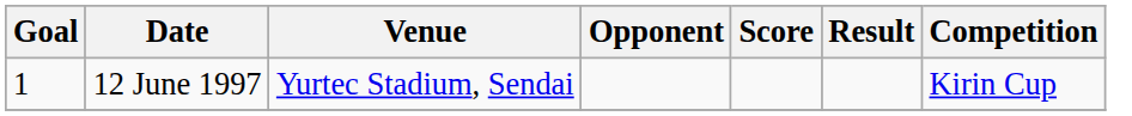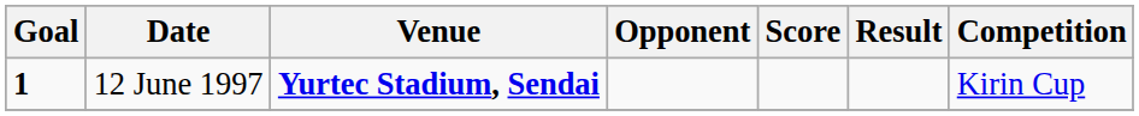 <table class="wikitable" style="font-size: 95%;">
 <tr>
 <th>Goal</th>
 <th>Date</th>
 <th>Venue</th>
 <th>Opponent</th>
 <th>Score</th>
 <th>Result</th>
 <th>Competition</th>
 </tr>
 <tr>
-<td>1</td>
+<td><strong>1</strong></td>
 <td>12 June 1997</td>
-<td><a href='#'>Yurtec Stadium</a>, <a href='#'>Sendai</a></td>
+<td><strong><a href='#'>Yurtec Stadium</a>, <a href='#'>Sendai</a></strong></td>
 <td></td>
 <td></td>
 <td></td>
 <td><a href='#'>Kirin Cup</a></td>
 </tr>
 <tr>
 </tr>
 </table>
